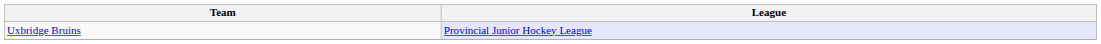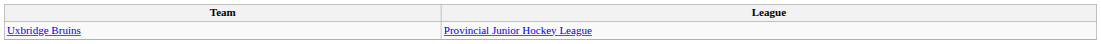 <table class="wikitable sortable" width=100%>
 <tr>
 <th width=40%>Team</th>
 <th width=60%>League</th>
 </tr>
 <tr>
 <td><a href='#'>Uxbridge Bruins</a></td>
-<td style="background: lavender;"><a href='#'>Provincial Junior Hockey League</a></td>
+<td><a href='#'>Provincial Junior Hockey League</a></td>
 </tr>
 <tr>
 </tr>
 </table>
